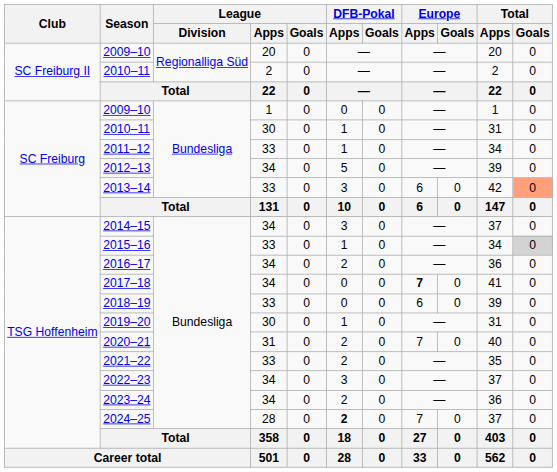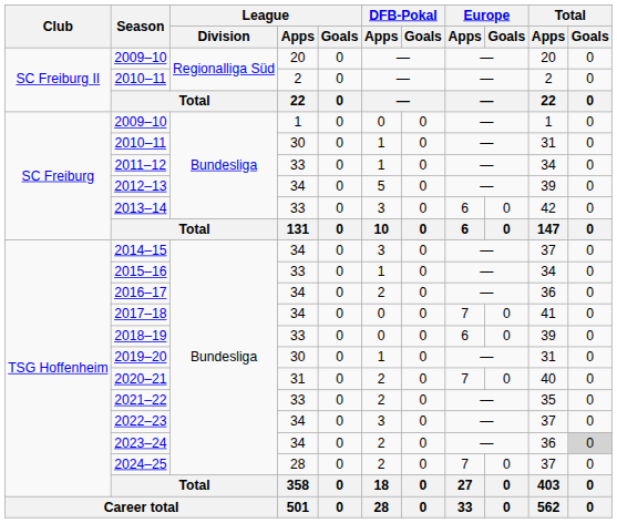 <table class="wikitable" style="text-align:center">
 <tr>
 <th rowspan="2">Club</th>
 <th rowspan="2">Season</th>
 <th colspan="3">League</th>
 <th colspan="2"><a href='#'>DFB-Pokal</a></th>
 <th colspan="2"><a href='#'>Europe</a></th>
 <th colspan="2">Total</th>
 </tr>
 <tr>
 <th>Division</th>
 <th>Apps</th>
 <th>Goals</th>
 <th>Apps</th>
 <th>Goals</th>
 <th>Apps</th>
 <th>Goals</th>
 <th>Apps</th>
 <th>Goals</th>
 </tr>
 <tr>
 <td rowspan="3"><a href='#'>SC Freiburg II</a></td>
 <td><a href='#'>2009–10</a></td>
 <td rowspan="2"><a href='#'>Regionalliga Süd</a></td>
 <td>20</td>
 <td>0</td>
 <td colspan="2">—</td>
 <td colspan="2">—</td>
 <td>20</td>
 <td>0</td>
 </tr>
 <tr>
 <td><a href='#'>2010–11</a></td>
 <td>2</td>
 <td>0</td>
 <td colspan="2">—</td>
 <td colspan="2">—</td>
 <td>2</td>
 <td>0</td>
 </tr>
 <tr>
 <th colspan="2">Total</th>
 <th>22</th>
 <th>0</th>
 <th colspan="2">—</th>
 <th colspan="2">—</th>
 <th>22</th>
 <th>0</th>
 </tr>
 <tr>
 <td rowspan="6"><a href='#'>SC Freiburg</a></td>
 <td><a href='#'>2009–10</a></td>
 <td rowspan="5"><a href='#'>Bundesliga</a></td>
 <td>1</td>
 <td>0</td>
 <td>0</td>
 <td>0</td>
 <td colspan="2">—</td>
 <td>1</td>
 <td>0</td>
 </tr>
 <tr>
 <td><a href='#'>2010–11</a></td>
 <td>30</td>
 <td>0</td>
 <td>1</td>
 <td>0</td>
 <td colspan="2">—</td>
 <td>31</td>
 <td>0</td>
 </tr>
 <tr>
 <td><a href='#'>2011–12</a></td>
 <td>33</td>
 <td>0</td>
 <td>1</td>
 <td>0</td>
 <td colspan="2">—</td>
 <td>34</td>
 <td>0</td>
 </tr>
 <tr>
 <td><a href='#'>2012–13</a></td>
 <td>34</td>
 <td>0</td>
 <td>5</td>
 <td>0</td>
 <td colspan="2">—</td>
 <td>39</td>
 <td>0</td>
 </tr>
 <tr>
 <td><a href='#'>2013–14</a></td>
 <td>33</td>
 <td>0</td>
 <td>3</td>
 <td>0</td>
 <td>6</td>
 <td>0</td>
 <td>42</td>
-<td style="background: lightsalmon;">0</td>
+<td>0</td>
 </tr>
 <tr>
 <th colspan="2">Total</th>
 <th>131</th>
 <th>0</th>
 <th>10</th>
 <th>0</th>
 <th>6</th>
 <th>0</th>
 <th>147</th>
 <th>0</th>
 </tr>
 <tr>
 <td rowspan="12"><a href='#'>TSG Hoffenheim</a></td>
 <td><a href='#'>2014–15</a></td>
 <td rowspan="11">Bundesliga</td>
 <td>34</td>
 <td>0</td>
 <td>3</td>
 <td>0</td>
 <td colspan="2">—</td>
 <td>37</td>
 <td>0</td>
 </tr>
 <tr>
 <td><a href='#'>2015–16</a></td>
 <td>33</td>
 <td>0</td>
 <td>1</td>
 <td>0</td>
 <td colspan="2">—</td>
 <td>34</td>
-<td style="background: lightgrey;">0</td>
+<td>0</td>
 </tr>
 <tr>
 <td><a href='#'>2016–17</a></td>
 <td>34</td>
 <td>0</td>
 <td>2</td>
 <td>0</td>
 <td colspan="2">—</td>
 <td>36</td>
 <td>0</td>
 </tr>
 <tr>
 <td><a href='#'>2017–18</a></td>
 <td>34</td>
 <td>0</td>
 <td>0</td>
 <td>0</td>
-<td><strong>7</strong></td>
+<td>7</td>
 <td>0</td>
 <td>41</td>
 <td>0</td>
 </tr>
 <tr>
 <td><a href='#'>2018–19</a></td>
 <td>33</td>
 <td>0</td>
 <td>0</td>
 <td>0</td>
 <td>6</td>
 <td>0</td>
 <td>39</td>
 <td>0</td>
 </tr>
 <tr>
 <td><a href='#'>2019–20</a></td>
 <td>30</td>
 <td>0</td>
 <td>1</td>
 <td>0</td>
 <td colspan="2">—</td>
 <td>31</td>
 <td>0</td>
 </tr>
 <tr>
 <td><a href='#'>2020–21</a></td>
 <td>31</td>
 <td>0</td>
 <td>2</td>
 <td>0</td>
 <td>7</td>
 <td>0</td>
 <td>40</td>
 <td>0</td>
 </tr>
 <tr>
 <td><a href='#'>2021–22</a></td>
 <td>33</td>
 <td>0</td>
 <td>2</td>
 <td>0</td>
 <td colspan="2">—</td>
 <td>35</td>
 <td>0</td>
 </tr>
 <tr>
 <td><a href='#'>2022–23</a></td>
 <td>34</td>
 <td>0</td>
 <td>3</td>
 <td>0</td>
 <td colspan="2">—</td>
 <td>37</td>
 <td>0</td>
 </tr>
 <tr>
 <td><a href='#'>2023–24</a></td>
 <td>34</td>
 <td>0</td>
 <td>2</td>
 <td>0</td>
 <td colspan="2">—</td>
 <td>36</td>
-<td>0</td>
+<td style="background: lightgrey;">0</td>
 </tr>
 <tr>
 <td><a href='#'>2024–25</a></td>
 <td>28</td>
 <td>0</td>
-<td><strong>2</strong></td>
+<td>2</td>
 <td>0</td>
 <td>7</td>
 <td>0</td>
 <td>37</td>
 <td>0</td>
 </tr>
 <tr>
 <th colspan="2">Total</th>
 <th>358</th>
 <th>0</th>
 <th>18</th>
 <th>0</th>
 <th>27</th>
 <th>0</th>
 <th>403</th>
 <th>0</th>
 </tr>
 <tr>
 <th colspan="3">Career total</th>
 <th>501</th>
 <th>0</th>
 <th>28</th>
 <th>0</th>
 <th>33</th>
 <th>0</th>
 <th>562</th>
 <th>0</th>
 </tr>
 </table>
